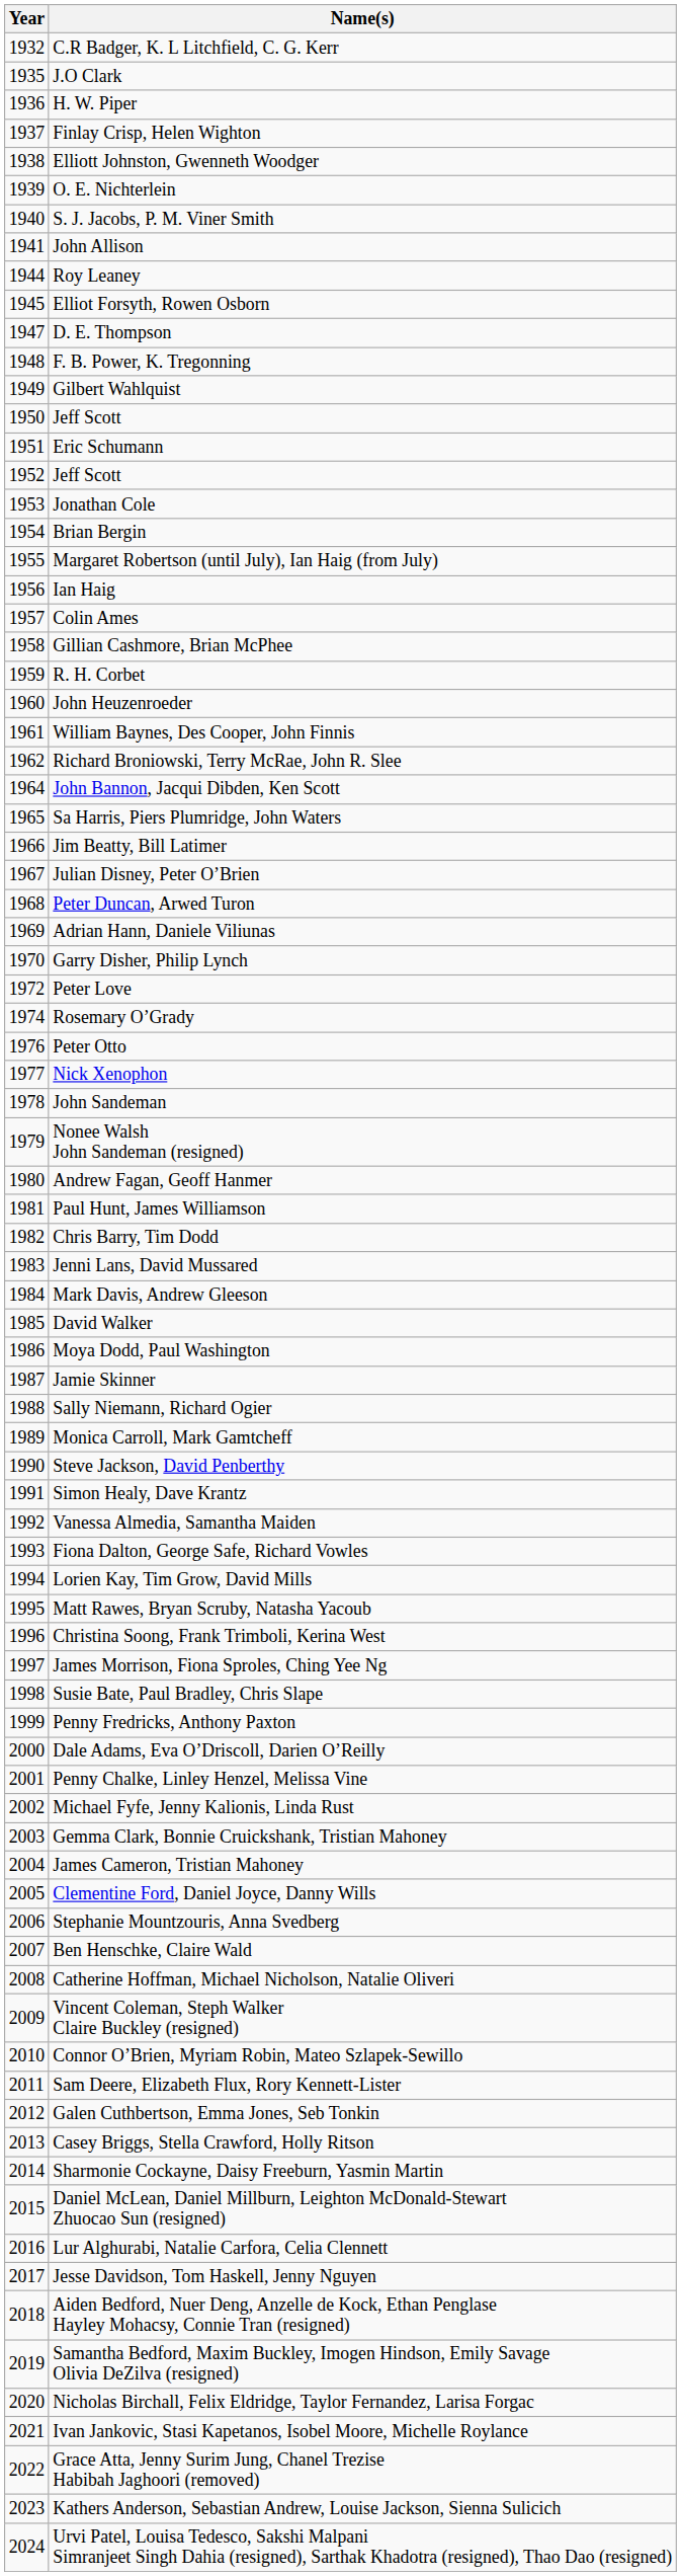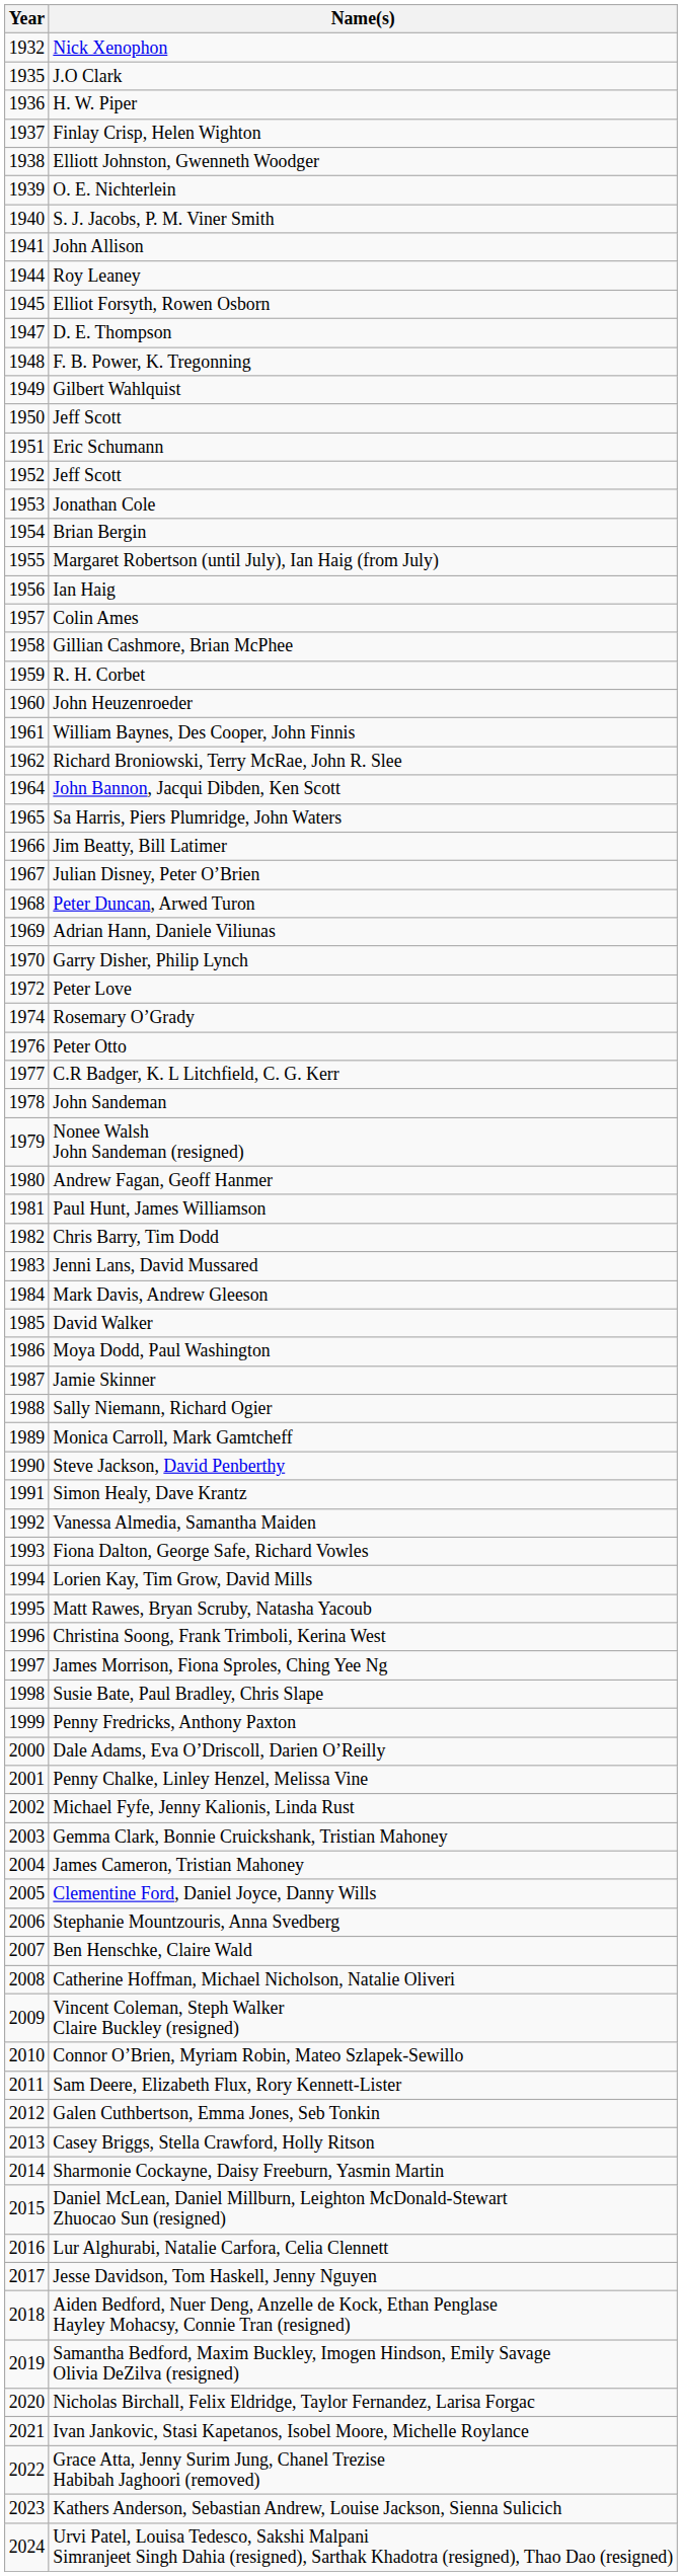 <table class="wikitable mw-collapsible">
 <tr>
 <th>Year</th>
 <th>Name(s)</th>
 </tr>
 <tr>
 <td>1932</td>
-<td>C.R Badger, K.  L Litchfield, C. G. Kerr</td>
+<td><a href='#'>Nick Xenophon</a></td>
 </tr>
 <tr>
 <td>1935</td>
 <td>J.O Clark</td>
 </tr>
 <tr>
 <td>1936</td>
 <td>H. W. Piper</td>
 </tr>
 <tr>
 <td>1937</td>
 <td>Finlay Crisp,  Helen Wighton</td>
 </tr>
 <tr>
 <td>1938</td>
 <td>Elliott  Johnston, Gwenneth Woodger</td>
 </tr>
 <tr>
 <td>1939</td>
 <td>O. E. Nichterlein</td>
 </tr>
 <tr>
 <td>1940</td>
 <td>S. J. Jacobs,  P. M. Viner Smith</td>
 </tr>
 <tr>
 <td>1941</td>
 <td>John Allison</td>
 </tr>
 <tr>
 <td>1944</td>
 <td>Roy Leaney</td>
 </tr>
 <tr>
 <td>1945</td>
 <td>Elliot  Forsyth, Rowen Osborn</td>
 </tr>
 <tr>
 <td>1947</td>
 <td>D. E.  Thompson</td>
 </tr>
 <tr>
 <td>1948</td>
 <td>F. B. Power,  K. Tregonning</td>
 </tr>
 <tr>
 <td>1949</td>
 <td>Gilbert  Wahlquist</td>
 </tr>
 <tr>
 <td>1950</td>
 <td>Jeff Scott</td>
 </tr>
 <tr>
 <td>1951</td>
 <td>Eric Schumann</td>
 </tr>
 <tr>
 <td>1952</td>
 <td>Jeff Scott</td>
 </tr>
 <tr>
 <td>1953</td>
 <td>Jonathan Cole</td>
 </tr>
 <tr>
 <td>1954</td>
 <td>Brian Bergin</td>
 </tr>
 <tr>
 <td>1955</td>
 <td>Margaret Robertson  (until July), Ian Haig (from July)</td>
 </tr>
 <tr>
 <td>1956</td>
 <td>Ian Haig</td>
 </tr>
 <tr>
 <td>1957</td>
 <td>Colin Ames</td>
 </tr>
 <tr>
 <td>1958</td>
 <td>Gillian Cashmore,  Brian McPhee</td>
 </tr>
 <tr>
 <td>1959</td>
 <td>R. H. Corbet</td>
 </tr>
 <tr>
 <td>1960</td>
 <td>John Heuzenroeder</td>
 </tr>
 <tr>
 <td>1961</td>
 <td>William  Baynes, Des Cooper, John Finnis</td>
 </tr>
 <tr>
 <td>1962</td>
 <td>Richard  Broniowski, Terry McRae, John R. Slee</td>
 </tr>
 <tr>
 <td>1964</td>
 <td><a href='#'>John Bannon</a>,  Jacqui Dibden, Ken Scott</td>
 </tr>
 <tr>
 <td>1965</td>
 <td>Sa Harris, Piers  Plumridge, John Waters</td>
 </tr>
 <tr>
 <td>1966</td>
 <td>Jim Beatty,  Bill Latimer</td>
 </tr>
 <tr>
 <td>1967</td>
 <td>Julian  Disney, Peter O’Brien</td>
 </tr>
 <tr>
 <td>1968</td>
 <td><a href='#'>Peter Duncan</a>,  Arwed Turon</td>
 </tr>
 <tr>
 <td>1969</td>
 <td>Adrian Hann,  Daniele Viliunas</td>
 </tr>
 <tr>
 <td>1970</td>
 <td>Garry Disher,  Philip Lynch</td>
 </tr>
 <tr>
 <td>1972</td>
 <td>Peter Love</td>
 </tr>
 <tr>
 <td>1974</td>
 <td>Rosemary O’Grady</td>
 </tr>
 <tr>
 <td>1976</td>
 <td>Peter Otto</td>
 </tr>
 <tr>
 <td>1977</td>
-<td><a href='#'>Nick Xenophon</a></td>
+<td>C.R Badger, K.  L Litchfield, C. G. Kerr</td>
 </tr>
 <tr>
 <td>1978</td>
 <td>John Sandeman</td>
 </tr>
 <tr>
 <td>1979</td>
 <td>Nonee Walsh<br>John Sandeman  (resigned)</td>
 </tr>
 <tr>
 <td>1980</td>
 <td>Andrew Fagan,  Geoff Hanmer</td>
 </tr>
 <tr>
 <td>1981</td>
 <td>Paul Hunt,  James Williamson</td>
 </tr>
 <tr>
 <td>1982</td>
 <td>Chris Barry,  Tim Dodd</td>
 </tr>
 <tr>
 <td>1983</td>
 <td>Jenni Lans,  David Mussared</td>
 </tr>
 <tr>
 <td>1984</td>
 <td>Mark Davis,  Andrew Gleeson</td>
 </tr>
 <tr>
 <td>1985</td>
 <td>David Walker</td>
 </tr>
 <tr>
 <td>1986</td>
 <td>Moya Dodd, Paul  Washington</td>
 </tr>
 <tr>
 <td>1987</td>
 <td>Jamie Skinner</td>
 </tr>
 <tr>
 <td>1988</td>
 <td>Sally  Niemann, Richard Ogier</td>
 </tr>
 <tr>
 <td>1989</td>
 <td>Monica  Carroll, Mark Gamtcheff</td>
 </tr>
 <tr>
 <td>1990</td>
 <td>Steve  Jackson, <a href='#'>David Penberthy</a></td>
 </tr>
 <tr>
 <td>1991</td>
 <td>Simon Healy,  Dave Krantz</td>
 </tr>
 <tr>
 <td>1992</td>
 <td>Vanessa Almedia, Samantha Maiden</td>
 </tr>
 <tr>
 <td>1993</td>
 <td>Fiona Dalton,  George Safe, Richard Vowles</td>
 </tr>
 <tr>
 <td>1994</td>
 <td>Lorien Kay,  Tim Grow, David Mills</td>
 </tr>
 <tr>
 <td>1995</td>
 <td>Matt Rawes,  Bryan Scruby, Natasha Yacoub</td>
 </tr>
 <tr>
 <td>1996</td>
 <td>Christina  Soong, Frank Trimboli, Kerina West</td>
 </tr>
 <tr>
 <td>1997</td>
 <td>James  Morrison, Fiona Sproles, Ching Yee Ng</td>
 </tr>
 <tr>
 <td>1998</td>
 <td>Susie Bate,  Paul Bradley, Chris Slape</td>
 </tr>
 <tr>
 <td>1999</td>
 <td>Penny  Fredricks, Anthony Paxton</td>
 </tr>
 <tr>
 <td>2000</td>
 <td>Dale Adams, Eva  O’Driscoll, Darien O’Reilly</td>
 </tr>
 <tr>
 <td>2001</td>
 <td>Penny Chalke,  Linley Henzel, Melissa Vine</td>
 </tr>
 <tr>
 <td>2002</td>
 <td>Michael Fyfe,  Jenny Kalionis, Linda Rust</td>
 </tr>
 <tr>
 <td>2003</td>
 <td>Gemma Clark,  Bonnie Cruickshank, Tristian Mahoney</td>
 </tr>
 <tr>
 <td>2004</td>
 <td>James  Cameron, Tristian Mahoney</td>
 </tr>
 <tr>
 <td>2005</td>
 <td><a href='#'>Clementine  Ford</a>, Daniel Joyce, Danny Wills</td>
 </tr>
 <tr>
 <td>2006</td>
 <td>Stephanie  Mountzouris, Anna Svedberg</td>
 </tr>
 <tr>
 <td>2007</td>
 <td>Ben Henschke,  Claire Wald</td>
 </tr>
 <tr>
 <td>2008</td>
 <td>Catherine  Hoffman, Michael Nicholson, Natalie Oliveri</td>
 </tr>
 <tr>
 <td>2009</td>
 <td>Vincent  Coleman, Steph Walker<br>Claire  Buckley (resigned)</td>
 </tr>
 <tr>
 <td>2010</td>
 <td>Connor  O’Brien, Myriam Robin, Mateo Szlapek-Sewillo</td>
 </tr>
 <tr>
 <td>2011</td>
 <td>Sam Deere,  Elizabeth Flux, Rory Kennett-Lister</td>
 </tr>
 <tr>
 <td>2012</td>
 <td>Galen  Cuthbertson, Emma Jones, Seb Tonkin</td>
 </tr>
 <tr>
 <td>2013</td>
 <td>Casey Briggs,  Stella Crawford, Holly Ritson</td>
 </tr>
 <tr>
 <td>2014</td>
 <td>Sharmonie  Cockayne, Daisy Freeburn, Yasmin Martin</td>
 </tr>
 <tr>
 <td>2015</td>
 <td>Daniel  McLean, Daniel Millburn, Leighton McDonald-Stewart<br>Zhuocao Sun  (resigned)</td>
 </tr>
 <tr>
 <td>2016</td>
 <td>Lur  Alghurabi, Natalie Carfora, Celia Clennett</td>
 </tr>
 <tr>
 <td>2017</td>
 <td>Jesse  Davidson, Tom Haskell, Jenny Nguyen</td>
 </tr>
 <tr>
 <td>2018</td>
 <td>Aiden  Bedford, Nuer Deng, Anzelle de Kock, Ethan Penglase<br>Hayley  Mohacsy, Connie Tran (resigned)</td>
 </tr>
 <tr>
 <td>2019</td>
 <td>Samantha  Bedford, Maxim Buckley, Imogen Hindson, Emily Savage<br>Olivia  DeZilva (resigned)</td>
 </tr>
 <tr>
 <td>2020</td>
 <td>Nicholas  Birchall, Felix Eldridge, Taylor Fernandez, Larisa Forgac</td>
 </tr>
 <tr>
 <td>2021</td>
 <td>Ivan  Jankovic, Stasi Kapetanos, Isobel Moore, Michelle Roylance</td>
 </tr>
 <tr>
 <td>2022</td>
 <td>Grace Atta, Jenny Surim Jung, Chanel Trezise<br>Habibah Jaghoori (removed)</td>
 </tr>
 <tr>
 <td>2023</td>
 <td>Kathers  Anderson, Sebastian Andrew, Louise Jackson, Sienna Sulicich</td>
 </tr>
 <tr>
 <td>2024</td>
 <td>Urvi Patel, Louisa Tedesco, Sakshi Malpani<br>Simranjeet Singh Dahia (resigned), Sarthak Khadotra (resigned), Thao Dao (resigned)</td>
 </tr>
 </table>
